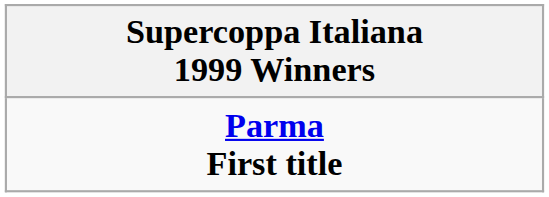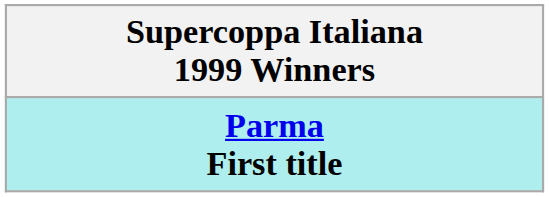 <table class="wikitable" style="text-align: center; margin: 0 auto; width: 20%">
 <tr>
 <th>Supercoppa Italiana <br>1999 Winners</th>
 </tr>
 <tr>
-<td><strong><a href='#'>Parma</a></strong><br><strong>First title</strong></td>
+<td style="background: paleturquoise;"><strong><a href='#'>Parma</a></strong><br><strong>First title</strong></td>
 </tr>
 </table>
